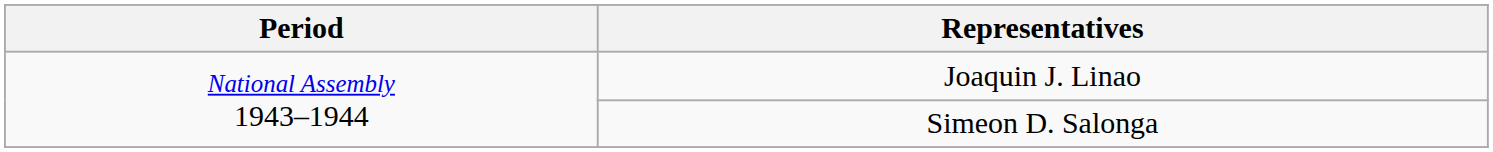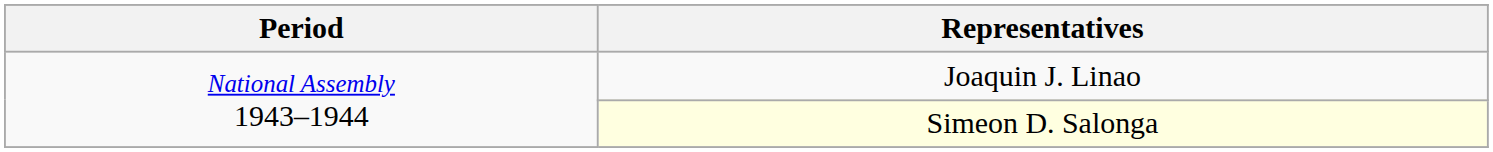 <table class="wikitable" style="text-align:center; width:40%;">
 <tr>
 <th width="40%">Period</th>
 <th>Representatives</th>
 </tr>
 <tr>
 <td rowspan="2"><small><a href='#'><em>National Assembly</em></a></small><br>1943–1944</td>
 <td>Joaquin J. Linao</td>
 </tr>
 <tr>
-<td>Simeon D. Salonga</td>
+<td style="background: lightyellow;">Simeon D. Salonga</td>
 </tr>
 </table>
